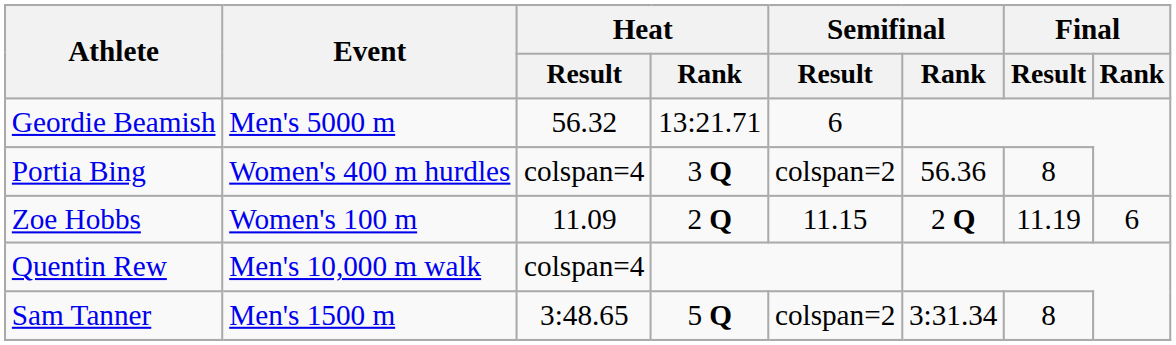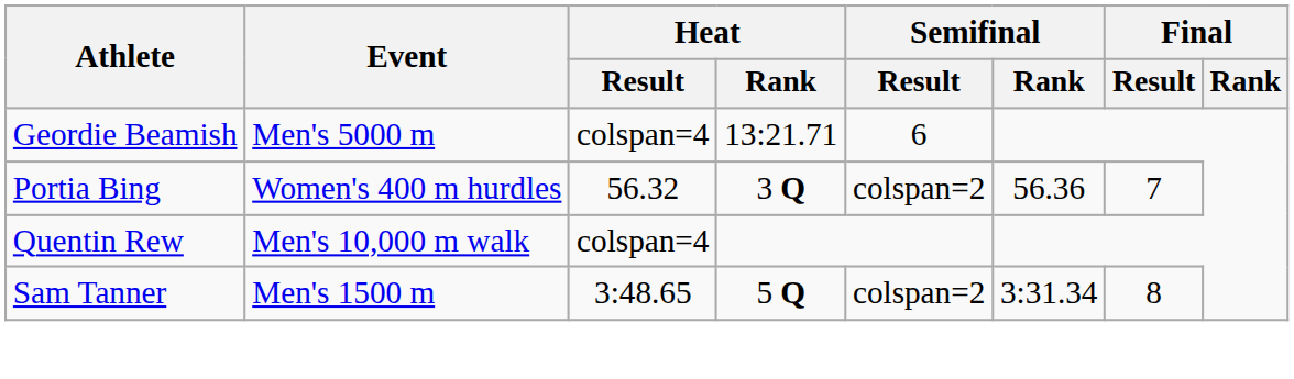 <table class="wikitable" style="font-size:90%; text-align:center">
 <tr>
 <th rowspan=2>Athlete</th>
 <th rowspan=2>Event</th>
 <th colspan=2>Heat</th>
 <th colspan=2>Semifinal</th>
 <th colspan=2>Final</th>
 </tr>
 <tr style="font-size:95%">
 <th>Result</th>
 <th>Rank</th>
 <th>Result</th>
 <th>Rank</th>
 <th>Result</th>
 <th>Rank</th>
 </tr>
 <tr>
 <td align=left><a href='#'>Geordie Beamish</a></td>
 <td align=left><a href='#'>Men's 5000 m</a></td>
-<td>56.32</td>
+<td>colspan=4 </td>
 <td>13:21.71</td>
 <td>6</td>
 </tr>
 <tr>
 <td align=left><a href='#'>Portia Bing</a></td>
 <td align=left><a href='#'>Women's 400 m hurdles</a></td>
-<td>colspan=4 </td>
+<td>56.32</td>
 <td>3 <strong>Q</strong></td>
 <td>colspan=2 </td>
 <td>56.36</td>
-<td>8</td>
-</tr>
-<tr>
-<td align=left><a href='#'>Zoe Hobbs</a></td>
-<td align=left><a href='#'>Women's 100 m</a></td>
-<td>11.09</td>
-<td>2 <strong>Q</strong></td>
-<td>11.15</td>
-<td>2 <strong>Q</strong></td>
-<td>11.19</td>
-<td>6</td>
+<td>7</td>
 </tr>
 <tr>
 <td align=left><a href='#'>Quentin Rew</a></td>
 <td align=left><a href='#'>Men's 10,000 m walk</a></td>
 <td>colspan=4 </td>
 <td colspan=2></td>
 </tr>
 <tr>
 <td align=left><a href='#'>Sam Tanner</a></td>
 <td align=left><a href='#'>Men's 1500 m</a></td>
 <td>3:48.65</td>
 <td>5 <strong>Q</strong></td>
 <td>colspan=2 </td>
 <td>3:31.34</td>
 <td>8</td>
 </tr>
 </table>
